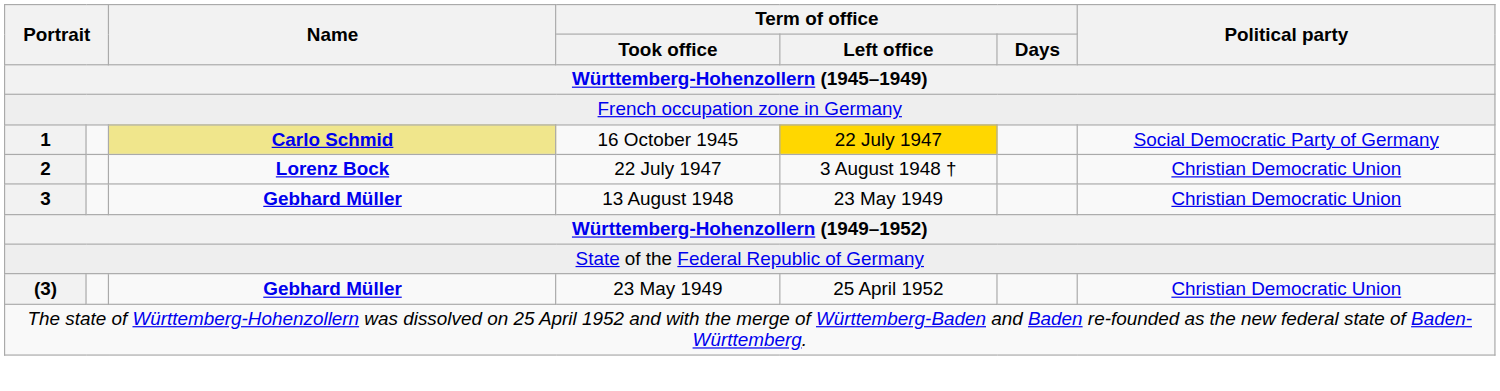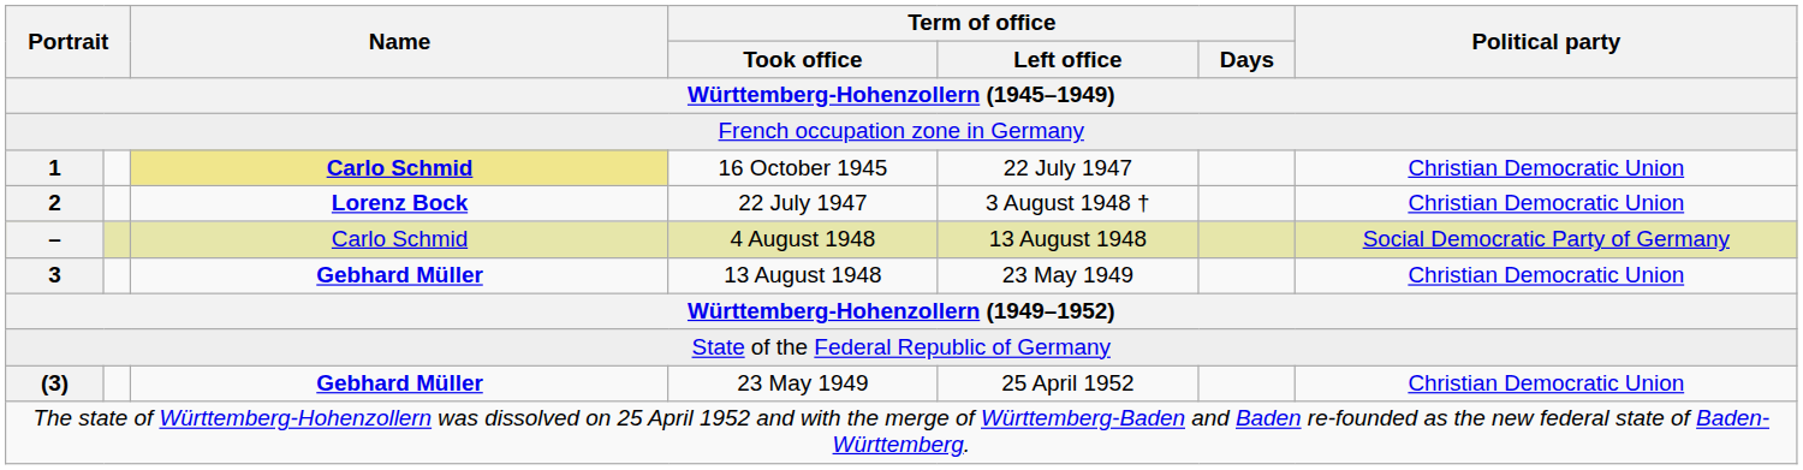 <table class="wikitable" style="text-align:center; width:100%; border:1px #AAAAFF solid">
 <tr>
 <th width=80px rowspan=2 colspan=2>Portrait</th>
 <th width=30% rowspan=2>Name<br></th>
 <th width=35% colspan=3>Term of office</th>
 <th width=28% rowspan=2>Political party</th>
 </tr>
 <tr>
 <th>Took office</th>
 <th>Left office</th>
 <th>Days</th>
 </tr>
 <tr>
 <th colspan="7"><a href='#'>Württemberg-Hohenzollern</a> (1945–1949)</th>
 </tr>
 <tr>
 <td bgcolor=#EEEEEE colspan=7><a href='#'>French occupation zone in Germany</a></td>
 </tr>
 <tr>
 <th style="background:">1</th>
 <td></td>
 <td style="background: khaki;"><strong><a href='#'>Carlo Schmid</a></strong><br></td>
 <td>16 October 1945</td>
-<td style="background: gold;">22 July 1947</td>
+<td>22 July 1947</td>
 <td></td>
-<td><a href='#'>Social Democratic Party of Germany</a></td>
+<td><a href='#'>Christian Democratic Union</a></td>
 </tr>
 <tr>
 <th style="background:">2</th>
 <td></td>
 <td><strong><a href='#'>Lorenz Bock</a></strong><br></td>
 <td>22 July 1947</td>
 <td>3 August 1948 †</td>
 <td></td>
 <td><a href='#'>Christian Democratic Union</a></td>
+</tr>
+<tr style="background-color:#E6E6AA">
+<th style="background:">–</th>
+<td></td>
+<td><a href='#'>Carlo Schmid</a><br></td>
+<td>4 August 1948</td>
+<td>13 August 1948</td>
+<td></td>
+<td><a href='#'>Social Democratic Party of Germany</a></td>
 </tr>
 <tr>
 <th style="background:">3</th>
 <td></td>
 <td><strong><a href='#'>Gebhard Müller</a></strong><br></td>
 <td>13 August 1948</td>
 <td>23 May 1949</td>
 <td></td>
 <td><a href='#'>Christian Democratic Union</a></td>
 </tr>
 <tr>
 <th colspan="7"><a href='#'>Württemberg-Hohenzollern</a> (1949–1952)</th>
 </tr>
 <tr>
 <td bgcolor=#EEEEEE colspan=7><a href='#'>State</a> of the <a href='#'>Federal Republic of Germany</a></td>
 </tr>
 <tr>
 <th style="background:">(3)</th>
 <td></td>
 <td><strong><a href='#'>Gebhard Müller</a></strong><br></td>
 <td>23 May 1949</td>
 <td>25 April 1952</td>
 <td></td>
 <td><a href='#'>Christian Democratic Union</a></td>
 </tr>
 <tr>
 <td colspan="7"><em>The state of <a href='#'>Württemberg-Hohenzollern</a> was dissolved on 25 April 1952 and with the merge of <a href='#'>Württemberg-Baden</a> and <a href='#'>Baden</a> re-founded as the new federal state of <a href='#'>Baden-Württemberg</a>.</em></td>
 </tr>
 </table>
